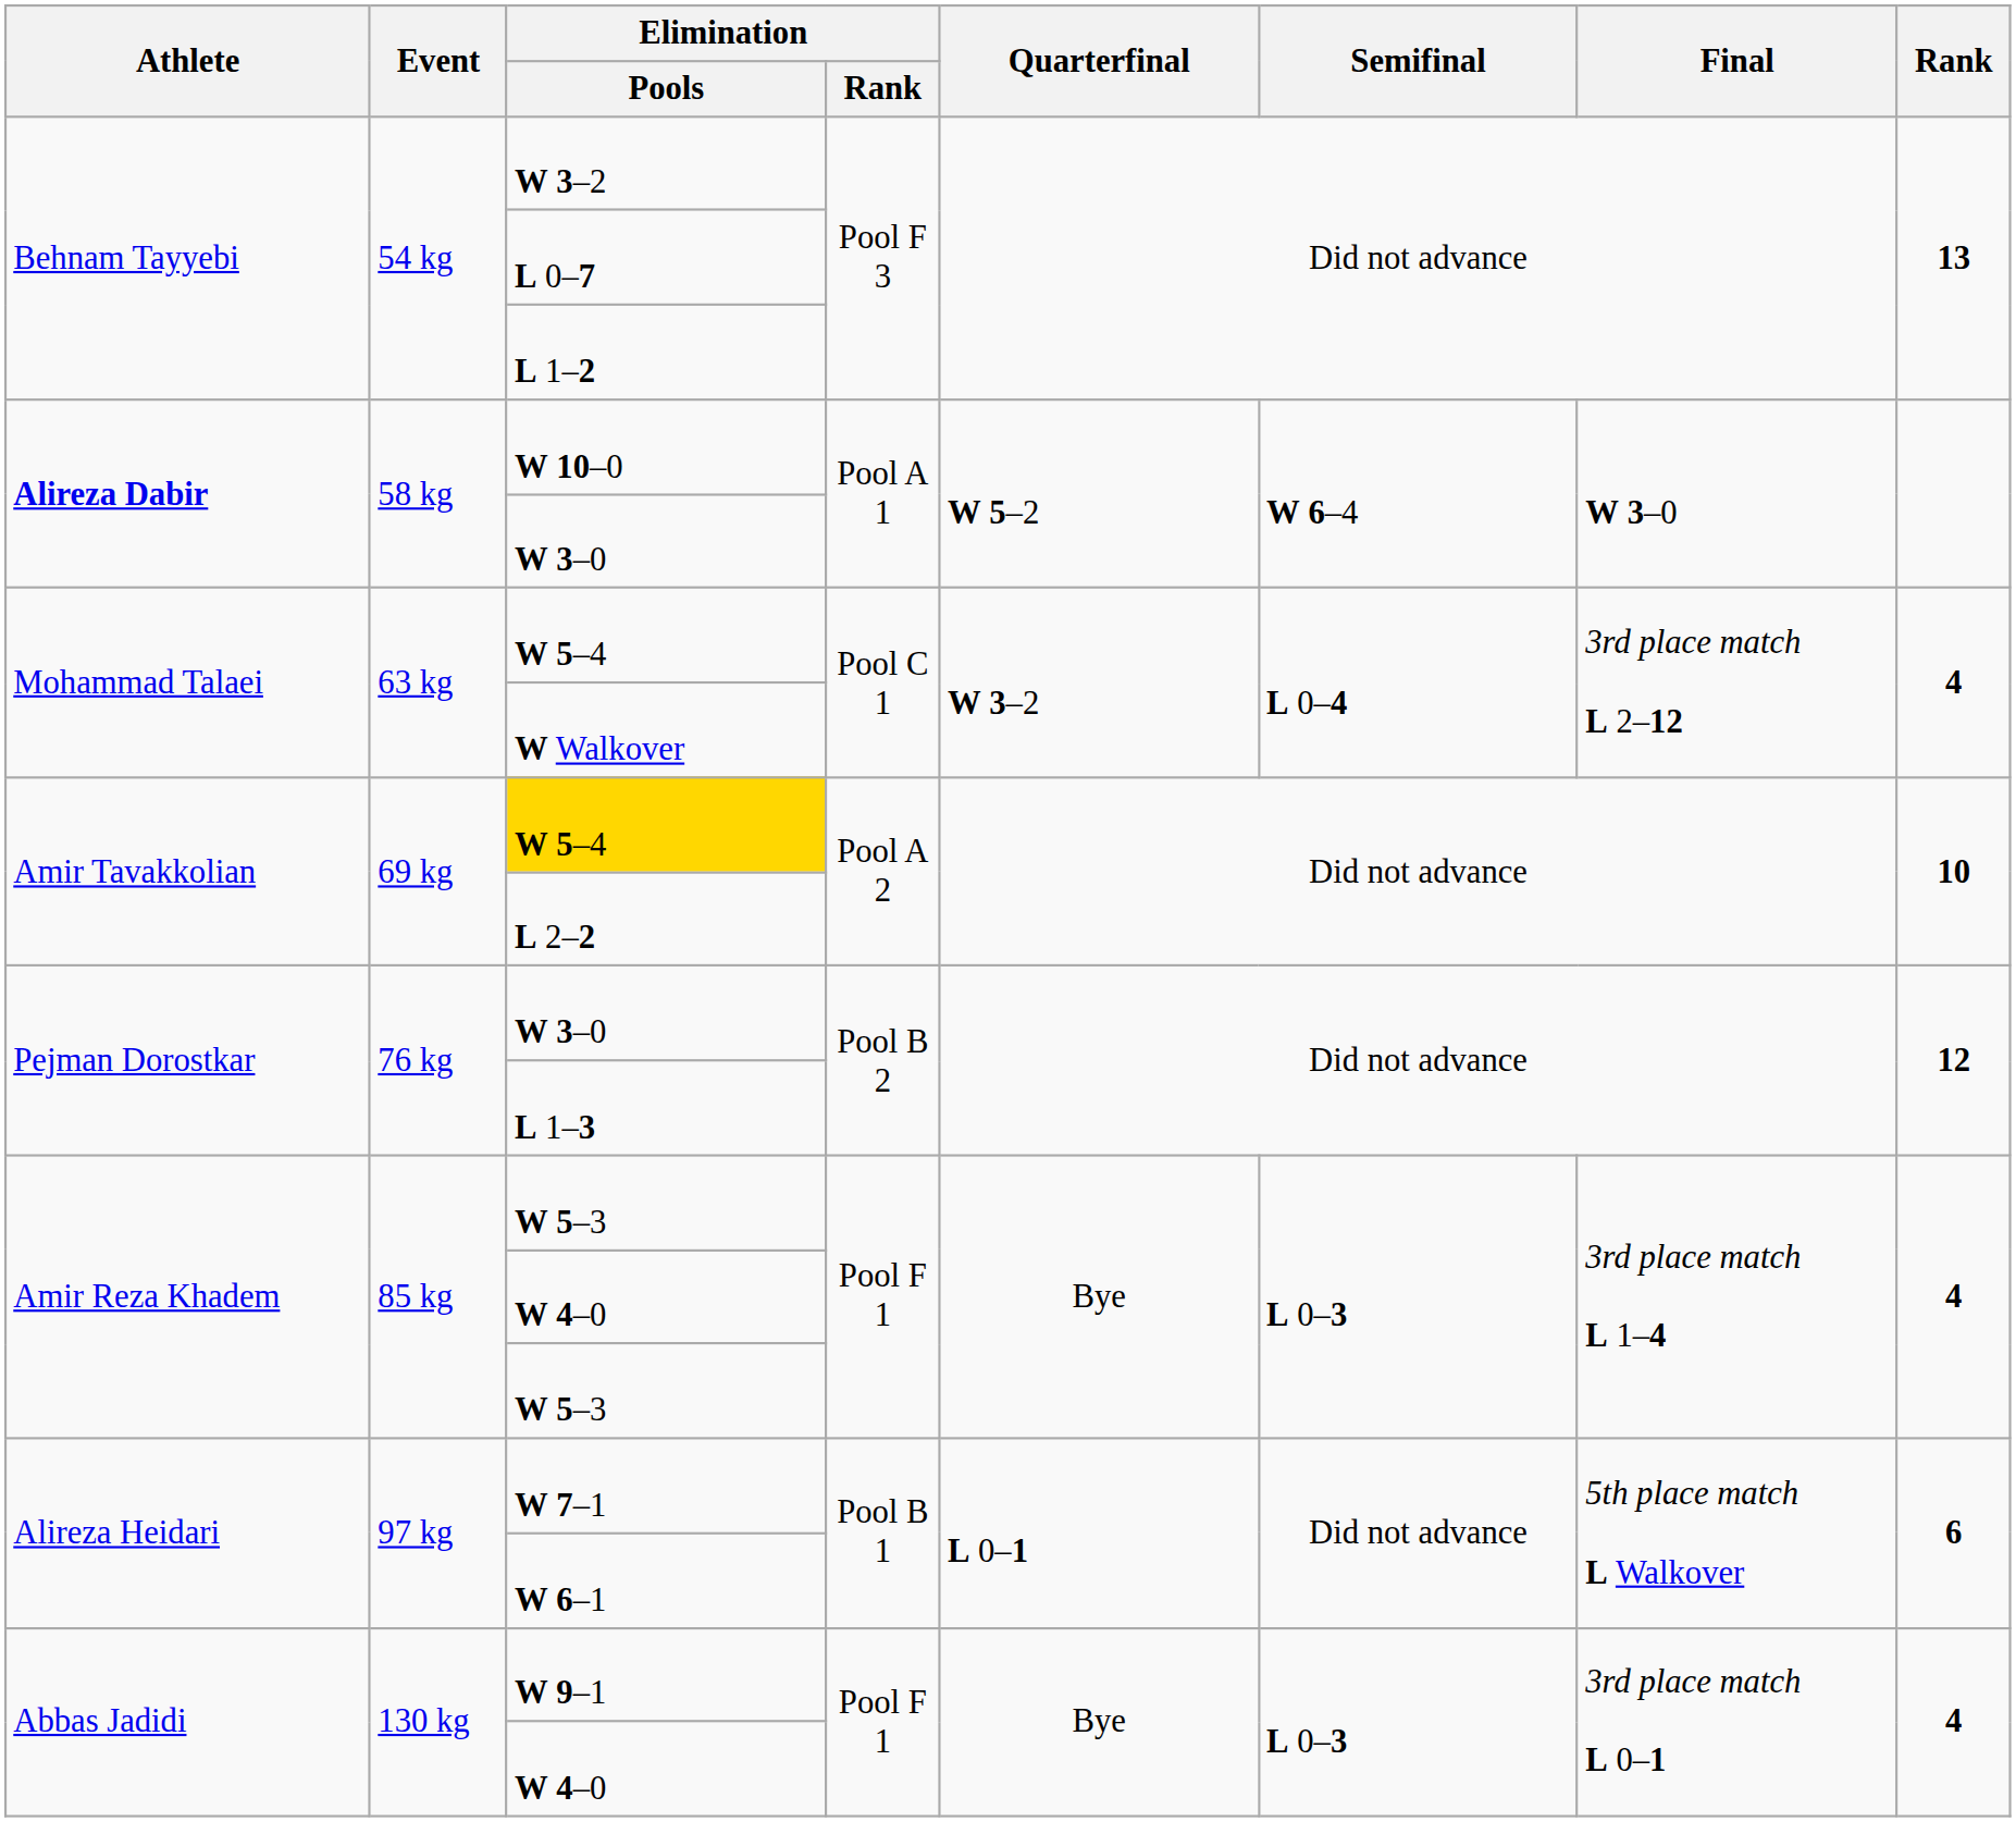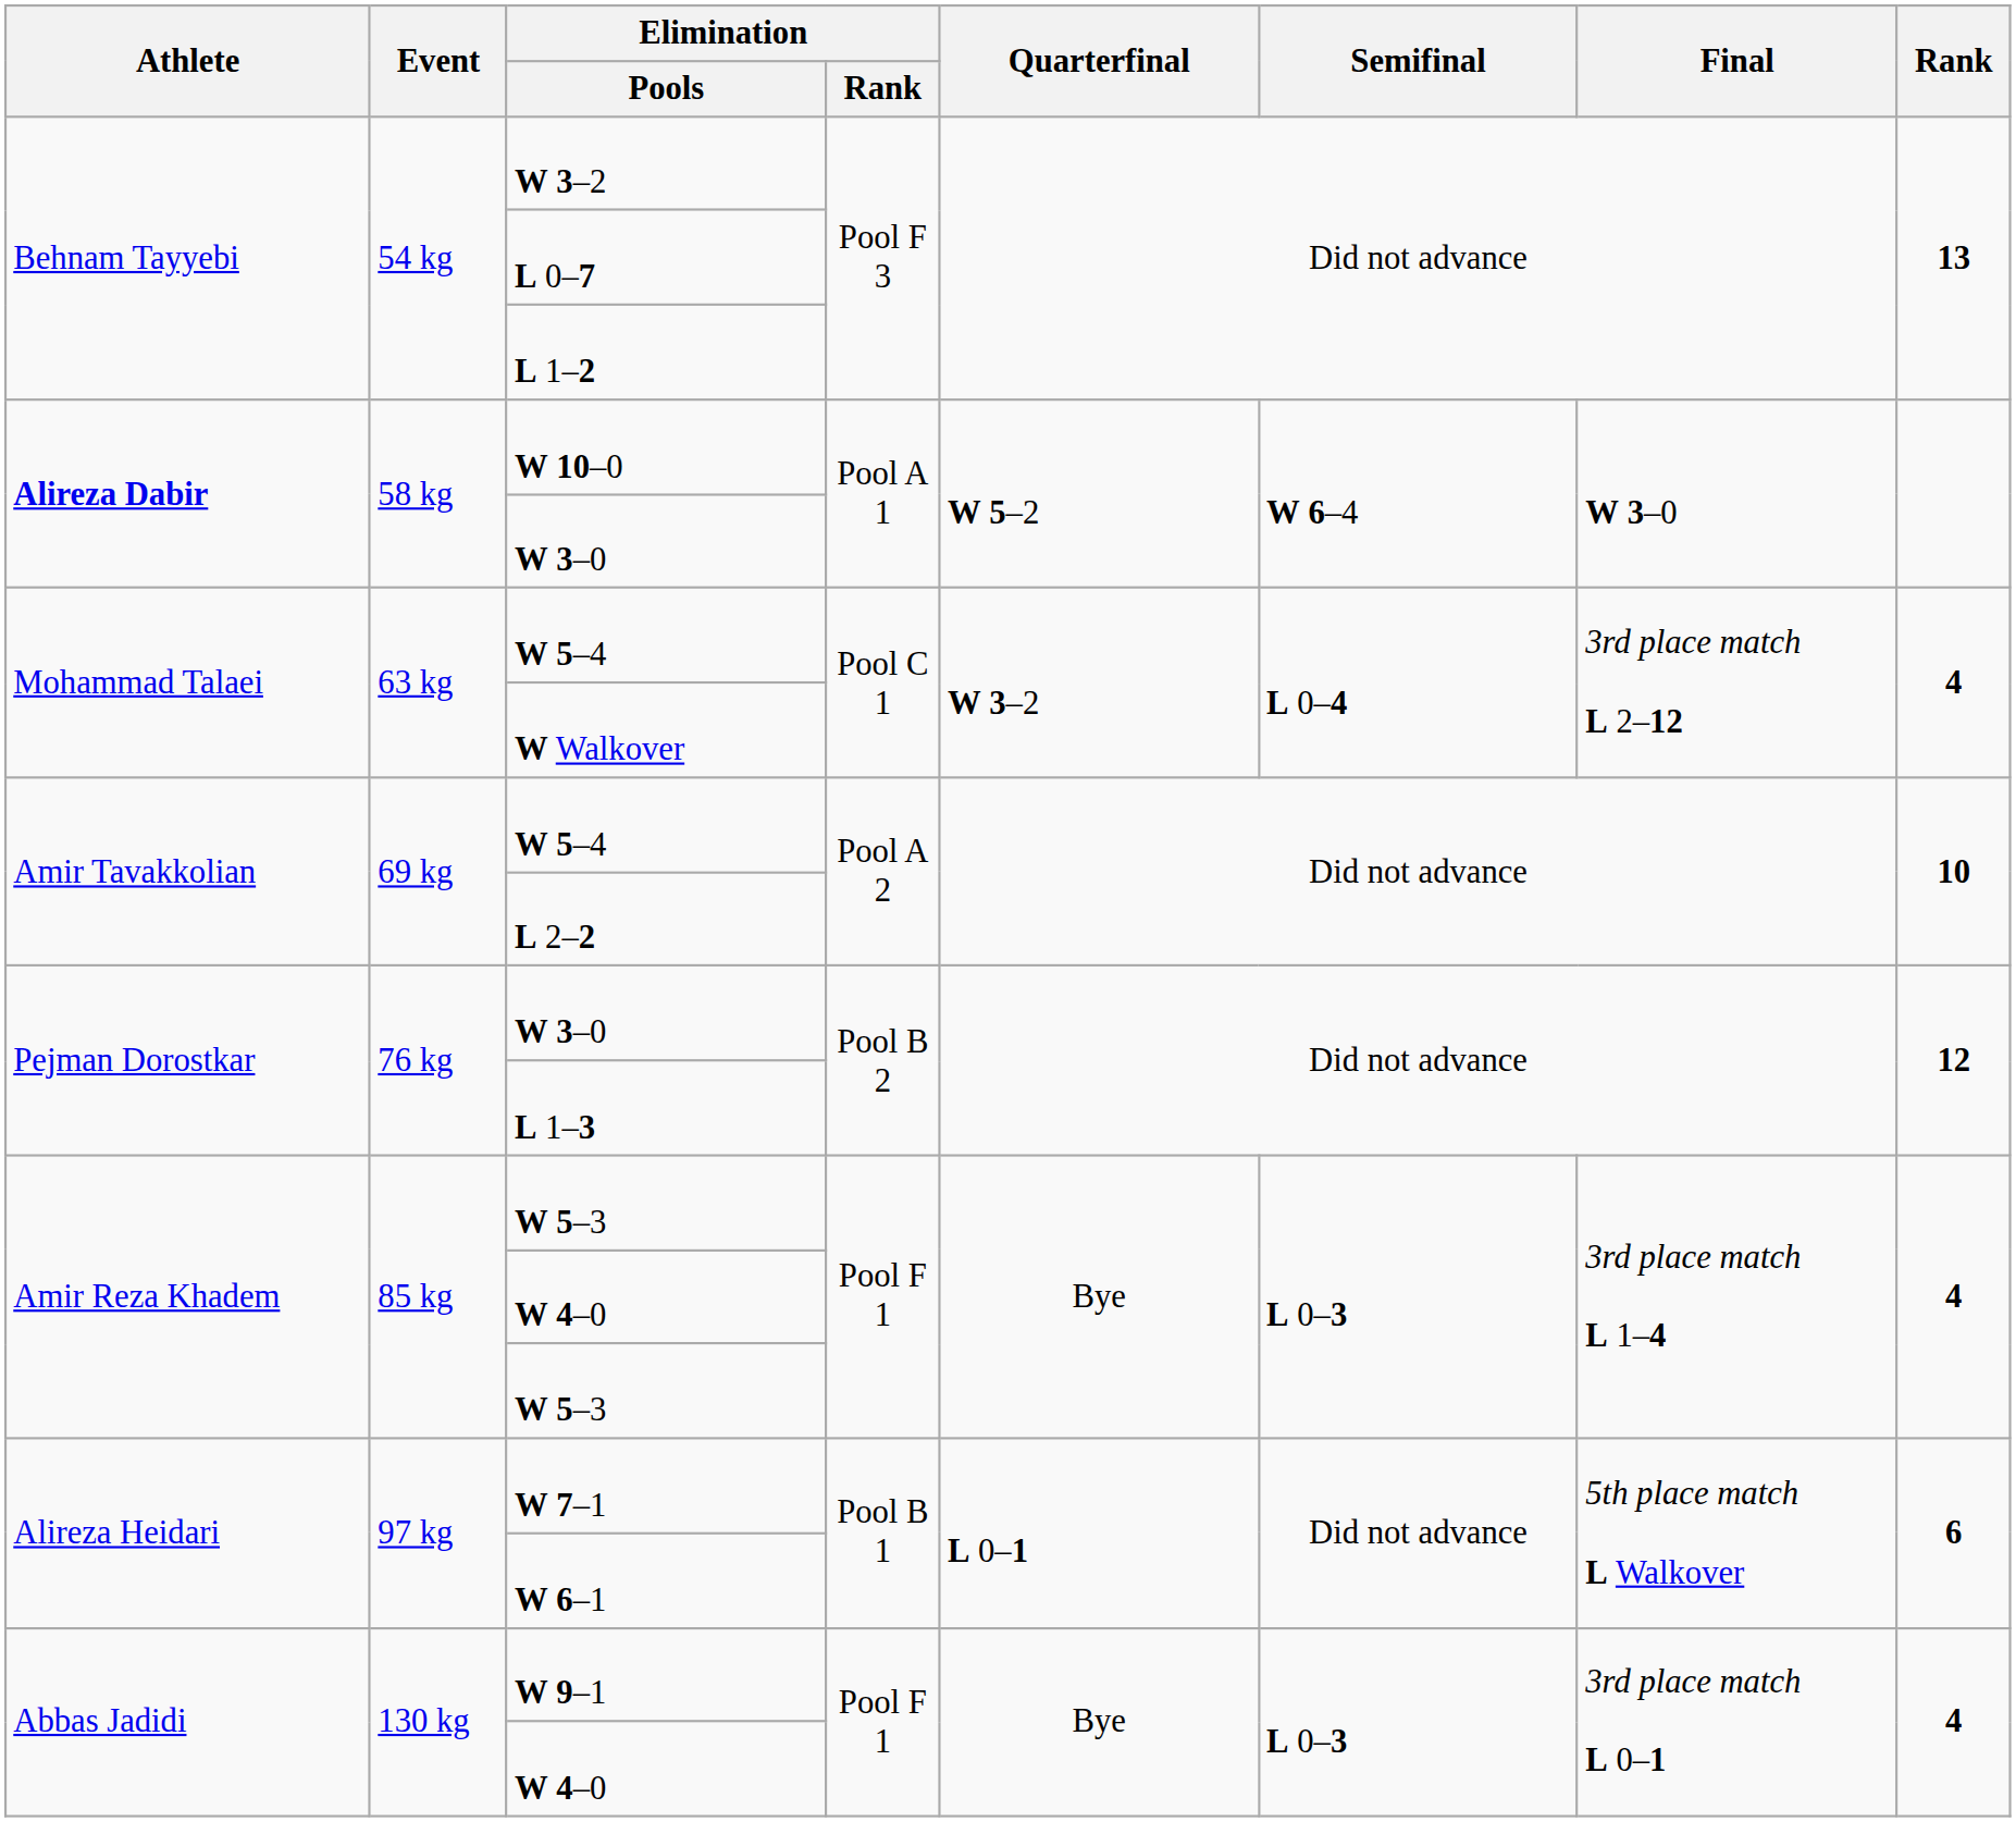 <table class="wikitable" width="98%" style="text-align:left; font-size:90%">
 <tr>
 <th rowspan="2" width="16%">Athlete</th>
 <th rowspan="2" width="6%">Event</th>
 <th colspan="2">Elimination</th>
 <th rowspan="2" width="14%">Quarterfinal</th>
 <th rowspan="2" width="14%">Semifinal</th>
 <th rowspan="2" width="14%">Final</th>
 <th rowspan="2" width="5%">Rank</th>
 </tr>
 <tr>
 <th width="14%">Pools</th>
 <th width="5%">Rank</th>
 </tr>
 <tr>
 <td rowspan="3"><a href='#'>Behnam Tayyebi</a></td>
 <td rowspan="3"><a href='#'>54 kg</a></td>
 <td><br><strong>W</strong> <strong>3</strong>–2</td>
 <td rowspan="3" align=center>Pool F<br>3</td>
 <td rowspan="3" colspan=3 align=center>Did not advance</td>
 <td rowspan="3" align="center"><strong>13</strong></td>
 </tr>
 <tr>
 <td><br><strong>L</strong> 0–<strong>7</strong></td>
 </tr>
 <tr>
 <td><br><strong>L</strong> 1–<strong>2</strong></td>
 </tr>
 <tr>
 <td rowspan="2"><strong><a href='#'>Alireza Dabir</a></strong></td>
 <td rowspan="2"><a href='#'>58 kg</a></td>
 <td><br><strong>W</strong> <strong>10</strong>–0</td>
 <td rowspan="2" align=center>Pool A<br>1 <strong></strong></td>
 <td rowspan="2"><br><strong>W</strong> <strong>5</strong>–2</td>
 <td rowspan="2"><br><strong>W</strong> <strong>6</strong>–4</td>
 <td rowspan="2"><br><strong>W</strong> <strong>3</strong>–0</td>
 <td rowspan="2" align="center"></td>
 </tr>
 <tr>
 <td><br><strong>W</strong> <strong>3</strong>–0</td>
 </tr>
 <tr>
 <td rowspan="2"><a href='#'>Mohammad Talaei</a></td>
 <td rowspan="2"><a href='#'>63 kg</a></td>
 <td><br><strong>W</strong> <strong>5</strong>–4</td>
 <td rowspan="2" align=center>Pool C<br>1 <strong></strong></td>
 <td rowspan="2"><br><strong>W</strong> <strong>3</strong>–2</td>
 <td rowspan="2"><br><strong>L</strong> 0–<strong>4</strong></td>
 <td rowspan="2"><em>3rd place match</em><br><br><strong>L</strong> 2–<strong>12</strong></td>
 <td rowspan="2" align="center"><strong>4</strong></td>
 </tr>
 <tr>
 <td><br><strong>W</strong> <a href='#'>Walkover</a></td>
 </tr>
 <tr>
 <td rowspan="2"><a href='#'>Amir Tavakkolian</a></td>
 <td rowspan="2"><a href='#'>69 kg</a></td>
-<td style="background: gold;"><br><strong>W</strong> <strong>5</strong>–4</td>
+<td><br><strong>W</strong> <strong>5</strong>–4</td>
 <td rowspan="2" align=center>Pool A<br>2</td>
 <td rowspan="2" colspan=3 align=center>Did not advance</td>
 <td rowspan="2" align="center"><strong>10</strong></td>
 </tr>
 <tr>
 <td><br><strong>L</strong> 2–<strong>2</strong></td>
 </tr>
 <tr>
 <td rowspan="2"><a href='#'>Pejman Dorostkar</a></td>
 <td rowspan="2"><a href='#'>76 kg</a></td>
 <td><br><strong>W</strong> <strong>3</strong>–0</td>
 <td rowspan="2" align=center>Pool B<br>2</td>
 <td rowspan="2" colspan=3 align=center>Did not advance</td>
 <td rowspan="2" align="center"><strong>12</strong></td>
 </tr>
 <tr>
 <td><br><strong>L</strong> 1–<strong>3</strong></td>
 </tr>
 <tr>
 <td rowspan="3"><a href='#'>Amir Reza Khadem</a></td>
 <td rowspan="3"><a href='#'>85 kg</a></td>
 <td><br><strong>W</strong> <strong>5</strong>–3</td>
 <td rowspan="3" align=center>Pool F<br>1 <strong></strong></td>
 <td rowspan="3" align="center">Bye</td>
 <td rowspan="3"><br><strong>L</strong> 0–<strong>3</strong></td>
 <td rowspan="3"><em>3rd place match</em><br><br><strong>L</strong> 1–<strong>4</strong></td>
 <td rowspan="3" align="center"><strong>4</strong></td>
 </tr>
 <tr>
 <td><br><strong>W</strong> <strong>4</strong>–0</td>
 </tr>
 <tr>
 <td><br><strong>W</strong> <strong>5</strong>–3</td>
 </tr>
 <tr>
 <td rowspan="2"><a href='#'>Alireza Heidari</a></td>
 <td rowspan="2"><a href='#'>97 kg</a></td>
 <td><br><strong>W</strong> <strong>7</strong>–1</td>
 <td rowspan="2" align=center>Pool B<br>1 <strong></strong></td>
 <td rowspan="2"><br><strong>L</strong> 0–<strong>1</strong></td>
 <td rowspan="2" align=center>Did not advance</td>
 <td rowspan="2"><em>5th place match</em><br><br><strong>L</strong> <a href='#'>Walkover</a></td>
 <td rowspan="2" align="center"><strong>6</strong></td>
 </tr>
 <tr>
 <td><br><strong>W</strong> <strong>6</strong>–1</td>
 </tr>
 <tr>
 <td rowspan="2"><a href='#'>Abbas Jadidi</a></td>
 <td rowspan="2"><a href='#'>130 kg</a></td>
 <td><br><strong>W</strong> <strong>9</strong>–1</td>
 <td rowspan="2" align=center>Pool F<br>1 <strong></strong></td>
 <td rowspan="2" align="center">Bye</td>
 <td rowspan="2"><br><strong>L</strong> 0–<strong>3</strong></td>
 <td rowspan="2"><em>3rd place match</em><br><br><strong>L</strong> 0–<strong>1</strong></td>
 <td rowspan="2" align="center"><strong>4</strong></td>
 </tr>
 <tr>
 <td><br><strong>W</strong> <strong>4</strong>–0</td>
 </tr>
 </table>
